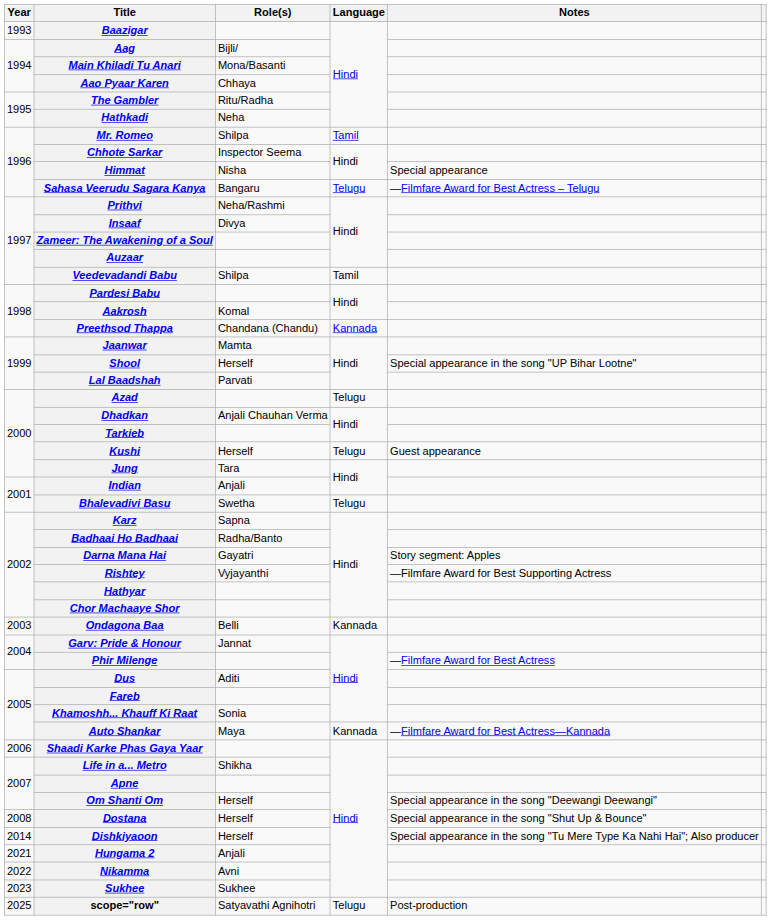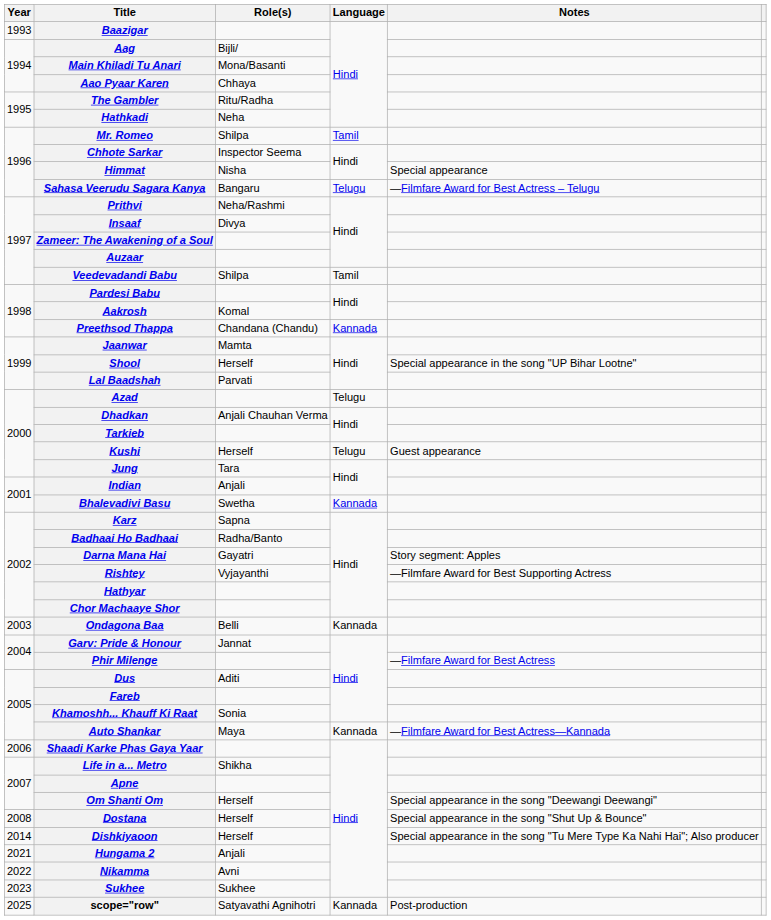 <table class="wikitable sortable plainrowheaders sort-under">
 <tr>
 <th scope="col">Year</th>
 <th scope="col">Title</th>
 <th scope="col">Role(s)</th>
 <th scope="col">Language</th>
 <th scope="col" class="unsortable">Notes</th>
 <th scope="col" class="unsortable"></th>
 </tr>
 <tr>
 <td>1993</td>
 <th scope="row"><em><a href='#'>Baazigar</a></em></th>
 <td></td>
 <td rowspan="6"><a href='#'>Hindi</a></td>
 <td></td>
 <td style="text-align: center;"></td>
 </tr>
 <tr>
 <td rowspan="3">1994</td>
 <th scope="row"><em><a href='#'>Aag</a></em></th>
 <td>Bijli/</td>
 <td></td>
 <td style="text-align: center;"></td>
 </tr>
 <tr>
 <th scope="row"><em><a href='#'>Main Khiladi Tu Anari</a></em></th>
 <td>Mona/Basanti</td>
 <td></td>
 <td style="text-align: center;"></td>
 </tr>
 <tr>
 <th scope="row"><em><a href='#'>Aao Pyaar Karen</a></em></th>
 <td>Chhaya</td>
 <td></td>
 <td style="text-align: center;"></td>
 </tr>
 <tr>
 <td rowspan="2">1995</td>
 <th scope="row"><em><a href='#'>The Gambler</a></em></th>
 <td>Ritu/Radha</td>
 <td></td>
 <td style="text-align: center;"></td>
 </tr>
 <tr>
 <th scope="row"><em><a href='#'>Hathkadi</a></em></th>
 <td>Neha</td>
 <td></td>
 <td style="text-align: center;"></td>
 </tr>
 <tr>
 <td rowspan="4">1996</td>
 <th scope="row"><em><a href='#'>Mr. Romeo</a></em></th>
 <td>Shilpa</td>
 <td><a href='#'>Tamil</a></td>
 <td></td>
 <td style="text-align: center;"></td>
 </tr>
 <tr>
 <th scope="row"><em><a href='#'>Chhote Sarkar</a></em></th>
 <td>Inspector Seema</td>
 <td rowspan="2">Hindi</td>
 <td></td>
 <td style="text-align: center;"></td>
 </tr>
 <tr>
 <th scope="row"><em><a href='#'>Himmat</a></em></th>
 <td>Nisha</td>
 <td>Special appearance</td>
 <td style="text-align: center;"></td>
 </tr>
 <tr>
 <th scope="row"><em><a href='#'>Sahasa Veerudu Sagara Kanya</a></em></th>
 <td>Bangaru</td>
 <td><a href='#'>Telugu</a></td>
 <td>—<a href='#'>Filmfare Award for Best Actress&nbsp;– Telugu</a></td>
 <td style="text-align: center;"></td>
 </tr>
 <tr>
 <td rowspan="5">1997</td>
 <th scope="row"><em><a href='#'>Prithvi</a></em></th>
 <td>Neha/Rashmi</td>
 <td rowspan="4">Hindi</td>
 <td></td>
 <td style="text-align: center;"></td>
 </tr>
 <tr>
 <th scope="row"><em><a href='#'>Insaaf</a></em></th>
 <td>Divya</td>
 <td></td>
 <td style="text-align: center;"></td>
 </tr>
 <tr>
 <th scope="row"><em><a href='#'>Zameer: The Awakening of a Soul</a></em></th>
 <td></td>
 <td></td>
 <td style="text-align: center;"></td>
 </tr>
 <tr>
 <th scope="row"><em><a href='#'>Auzaar</a></em></th>
 <td></td>
 <td></td>
 <td style="text-align: center;"></td>
 </tr>
 <tr>
 <th scope="row"><em><a href='#'>Veedevadandi Babu</a></em></th>
 <td>Shilpa</td>
 <td>Tamil</td>
 <td></td>
 <td style="text-align: center;"></td>
 </tr>
 <tr>
 <td rowspan="3">1998</td>
 <th scope="row"><em><a href='#'>Pardesi Babu</a></em></th>
 <td></td>
 <td rowspan="2">Hindi</td>
 <td></td>
 <td style="text-align: center;"></td>
 </tr>
 <tr>
 <th scope="row"><em><a href='#'>Aakrosh</a></em></th>
 <td>Komal</td>
 <td></td>
 <td style="text-align: center;"></td>
 </tr>
 <tr>
 <th scope="row"><em><a href='#'>Preethsod Thappa</a></em></th>
 <td>Chandana (Chandu)</td>
 <td><a href='#'>Kannada</a></td>
 <td></td>
 <td style="text-align: center;"></td>
 </tr>
 <tr>
 <td rowspan="3">1999</td>
 <th scope="row"><em><a href='#'>Jaanwar</a></em></th>
 <td>Mamta</td>
 <td rowspan="3">Hindi</td>
 <td></td>
 <td style="text-align: center;"></td>
 </tr>
 <tr>
 <th scope="row"><em><a href='#'>Shool</a></em></th>
 <td>Herself</td>
 <td>Special appearance in the song "UP Bihar Lootne"</td>
 <td style="text-align: center;"></td>
 </tr>
 <tr>
 <th scope="row"><em><a href='#'>Lal Baadshah</a></em></th>
 <td>Parvati</td>
 <td></td>
 <td style="text-align: center;"></td>
 </tr>
 <tr>
 <td rowspan="5">2000</td>
 <th scope="row"><em><a href='#'>Azad</a></em></th>
 <td></td>
 <td>Telugu</td>
 <td></td>
 <td style="text-align: center;"></td>
 </tr>
 <tr>
 <th scope="row"><em><a href='#'>Dhadkan</a></em></th>
 <td>Anjali Chauhan Verma</td>
 <td rowspan="2">Hindi</td>
 <td></td>
 <td style="text-align: center;"></td>
 </tr>
 <tr>
 <th scope="row"><em><a href='#'>Tarkieb</a></em></th>
 <td></td>
 <td></td>
 <td style="text-align: center;"></td>
 </tr>
 <tr>
 <th scope="row"><em><a href='#'>Kushi</a></em></th>
 <td>Herself</td>
 <td>Telugu</td>
 <td>Guest appearance</td>
 <td style="text-align: center;"></td>
 </tr>
 <tr>
 <th scope="row"><em><a href='#'>Jung</a></em></th>
 <td>Tara</td>
 <td rowspan="2">Hindi</td>
 <td></td>
 <td style="text-align: center;"></td>
 </tr>
 <tr>
 <td rowspan="2">2001</td>
 <th scope="row"><em><a href='#'>Indian</a></em></th>
 <td>Anjali</td>
 <td></td>
 <td style="text-align: center;"></td>
 </tr>
 <tr>
 <th scope="row"><em><a href='#'>Bhalevadivi Basu</a></em></th>
 <td>Swetha</td>
-<td>Telugu</td>
+<td><a href='#'>Kannada</a></td>
 <td></td>
 <td style="text-align: center;"></td>
 </tr>
 <tr>
 <td rowspan="6">2002</td>
 <th scope="row"><em><a href='#'>Karz</a></em></th>
 <td>Sapna</td>
 <td rowspan="6">Hindi</td>
 <td></td>
 <td style="text-align: center;"></td>
 </tr>
 <tr>
 <th scope="row"><em><a href='#'>Badhaai Ho Badhaai</a></em></th>
 <td>Radha/Banto</td>
 <td></td>
 <td></td>
 </tr>
 <tr>
 <th scope="row"><em><a href='#'>Darna Mana Hai</a></em></th>
 <td>Gayatri</td>
 <td>Story segment: Apples</td>
 <td></td>
 </tr>
 <tr>
 <th scope="row"><em><a href='#'>Rishtey</a></em></th>
 <td>Vyjayanthi</td>
 <td>—Filmfare Award for Best Supporting Actress</td>
 <td style="text-align: center;"></td>
 </tr>
 <tr>
 <th scope="row"><em><a href='#'>Hathyar</a></em></th>
 <td></td>
 <td></td>
 <td style="text-align: center;"></td>
 </tr>
 <tr>
 <th scope="row"><em><a href='#'>Chor Machaaye Shor</a></em></th>
 <td></td>
 <td></td>
 <td style="text-align: center;"></td>
 </tr>
 <tr>
 <td>2003</td>
 <th scope="row"><em><a href='#'>Ondagona Baa</a></em></th>
 <td>Belli</td>
 <td>Kannada</td>
 <td></td>
 <td></td>
 </tr>
 <tr>
 <td rowspan="2">2004</td>
 <th scope="row"><em><a href='#'>Garv: Pride & Honour</a></em></th>
 <td>Jannat</td>
 <td rowspan="5"><a href='#'>Hindi</a></td>
 <td></td>
 <td style="text-align: center;"></td>
 </tr>
 <tr>
 <th scope="row"><em><a href='#'>Phir Milenge</a></em></th>
 <td></td>
 <td>—<a href='#'>Filmfare Award for Best Actress</a></td>
 <td style="text-align: center;"></td>
 </tr>
 <tr>
 <td rowspan="4">2005</td>
 <th scope="row"><em><a href='#'>Dus</a></em></th>
 <td>Aditi</td>
 <td></td>
 <td style="text-align: center;"></td>
 </tr>
 <tr>
 <th scope="row"><em><a href='#'>Fareb</a></em></th>
 <td></td>
 <td></td>
 <td style="text-align: center;"></td>
 </tr>
 <tr>
 <th scope="row"><em><a href='#'>Khamoshh... Khauff Ki Raat</a></em></th>
 <td>Sonia</td>
 <td></td>
 <td style="text-align: center;"></td>
 </tr>
 <tr>
 <th scope="row"><em><a href='#'>Auto Shankar</a></em></th>
 <td>Maya</td>
 <td>Kannada</td>
 <td>—<a href='#'>Filmfare Award for Best Actress—Kannada</a></td>
 <td style="text-align: center;"></td>
 </tr>
 <tr>
 <td>2006</td>
 <th scope="row"><em><a href='#'>Shaadi Karke Phas Gaya Yaar</a></em></th>
 <td></td>
 <td rowspan="9"><a href='#'>Hindi</a></td>
 <td></td>
 <td style="text-align: center;"></td>
 </tr>
 <tr>
 <td rowspan="3">2007</td>
 <th scope="row"><em><a href='#'>Life in a... Metro</a></em></th>
 <td>Shikha</td>
 <td></td>
 <td style="text-align: center;"></td>
 </tr>
 <tr>
 <th scope="row"><em><a href='#'>Apne</a></em></th>
 <td></td>
 <td></td>
 <td style="text-align: center;"></td>
 </tr>
 <tr>
 <th scope="row"><em><a href='#'>Om Shanti Om</a></em></th>
 <td>Herself</td>
 <td>Special appearance in the song "Deewangi Deewangi"</td>
 <td style="text-align: center;"></td>
 </tr>
 <tr>
 <td>2008</td>
 <th scope="row"><em><a href='#'>Dostana</a></em></th>
 <td>Herself</td>
 <td>Special appearance in the song "Shut Up & Bounce"</td>
 <td style="text-align: center;"></td>
 </tr>
 <tr>
 <td>2014</td>
 <th scope="row"><em><a href='#'>Dishkiyaoon</a></em></th>
 <td>Herself</td>
 <td>Special appearance in the song "Tu Mere Type Ka Nahi Hai"; Also producer</td>
 <td style="text-align: center;"></td>
 </tr>
 <tr>
 <td>2021</td>
 <th scope="row"><em><a href='#'>Hungama 2</a></em></th>
 <td>Anjali</td>
 <td></td>
 <td style="text-align: center;"></td>
 </tr>
 <tr>
 <td>2022</td>
 <th scope="row"><em><a href='#'>Nikamma</a></em></th>
 <td>Avni</td>
 <td></td>
 <td style="text-align: center;"></td>
 </tr>
 <tr>
 <td>2023</td>
 <th scope="row"><em><a href='#'>Sukhee</a></em></th>
 <td>Sukhee</td>
 <td></td>
 <td style="text-align: center;"></td>
 </tr>
 <tr>
 <td>2025</td>
 <th>scope="row" </th>
 <td>Satyavathi Agnihotri</td>
-<td>Telugu</td>
+<td>Kannada</td>
 <td>Post-production</td>
 <td style="text-align: center;"></td>
 </tr>
 </table>
